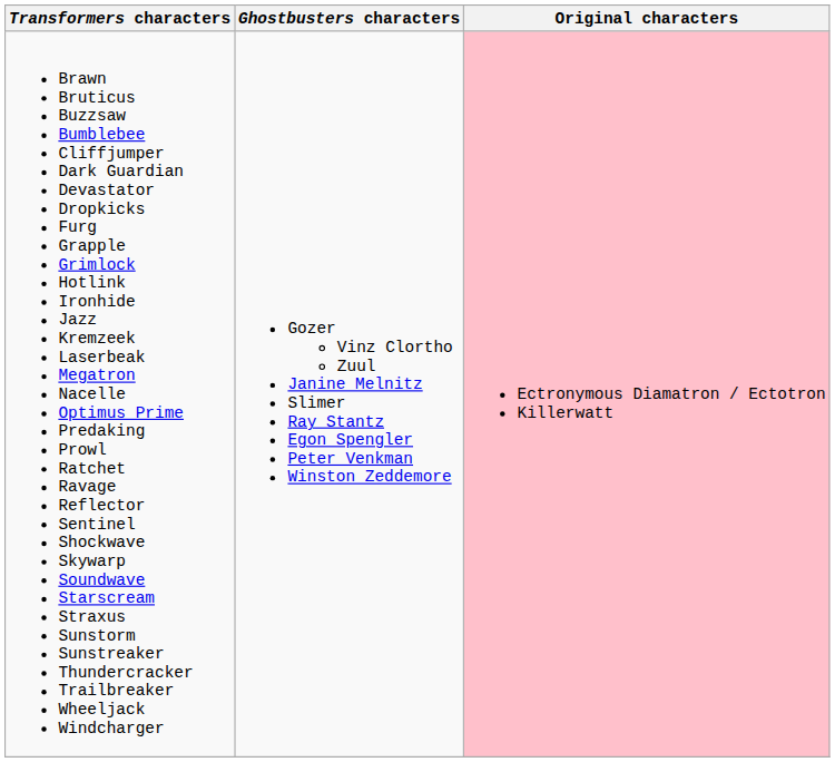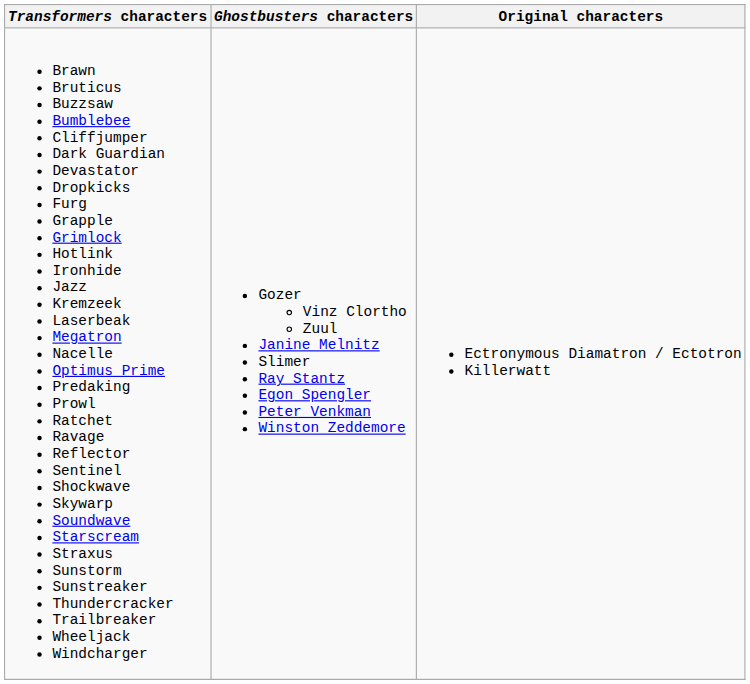 <table class="wikitable" style="text-align:center;">
 <tr>
 <th><em>Transformers</em> characters</th>
 <th><em>Ghostbusters</em> characters</th>
 <th>Original characters</th>
 </tr>
 <tr>
 <td style="text-align: left;"><br><ul><li>Brawn</li><li>Bruticus</li><li>Buzzsaw</li><li><a href='#'>Bumblebee</a></li><li>Cliffjumper</li><li>Dark Guardian</li><li>Devastator</li><li>Dropkicks</li><li>Furg</li><li>Grapple</li><li><a href='#'>Grimlock</a></li><li>Hotlink</li><li>Ironhide</li><li>Jazz</li><li>Kremzeek</li><li>Laserbeak</li><li><a href='#'>Megatron</a></li><li>Nacelle</li><li><a href='#'>Optimus Prime</a></li><li>Predaking</li><li>Prowl</li><li>Ratchet</li><li>Ravage</li><li>Reflector</li><li>Sentinel</li><li>Shockwave</li><li>Skywarp</li><li><a href='#'>Soundwave</a></li><li><a href='#'>Starscream</a></li><li>Straxus</li><li>Sunstorm</li><li>Sunstreaker</li><li>Thundercracker</li><li>Trailbreaker</li><li>Wheeljack</li><li>Windcharger</li></ul></td>
 <td style="text-align: left;"><br><ul><li>Gozer<ul><li>Vinz Clortho</li><li>Zuul</li></ul></li><li><a href='#'>Janine Melnitz</a></li><li>Slimer</li><li><a href='#'>Ray Stantz</a></li><li><a href='#'>Egon Spengler</a></li><li><a href='#'>Peter Venkman</a></li><li><a href='#'>Winston Zeddemore</a></li></ul></td>
-<td style="background: pink; text-align: left;"><br><ul><li>Ectronymous Diamatron / Ectotron</li><li>Killerwatt</li></ul></td>
+<td style="text-align: left;"><br><ul><li>Ectronymous Diamatron / Ectotron</li><li>Killerwatt</li></ul></td>
 </tr>
 <tr>
 </tr>
 </table>
